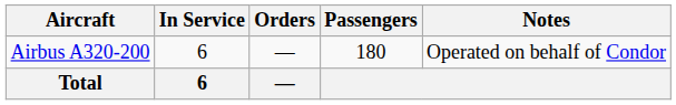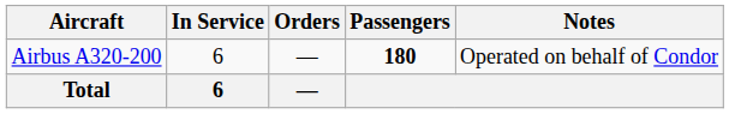 <table class="wikitable" style="margin:auto;text-align:center;">
 <tr>
 <th>Aircraft</th>
 <th>In Service</th>
 <th>Orders</th>
 <th>Passengers</th>
 <th>Notes</th>
 </tr>
 <tr>
 <td><a href='#'>Airbus A320-200</a></td>
 <td>6</td>
 <td>—</td>
-<td>180</td>
+<td><strong>180</strong></td>
 <td>Operated on behalf of <a href='#'>Condor</a></td>
 </tr>
 <tr>
 <th>Total</th>
 <th>6</th>
 <th>—</th>
 <th colspan="2"></th>
 </tr>
 </table>
